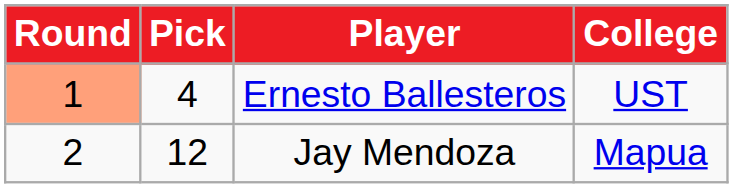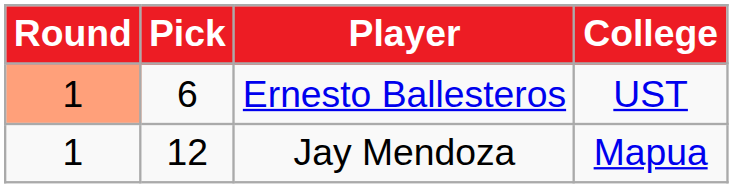 <table class="wikitable sortable sortable">
 <tr>
 <th style="background:#ED1C24; color:#FFFFFF; ">Round</th>
 <th style="background:#ED1C24; color:#FFFFFF; ">Pick</th>
 <th style="background:#ED1C24; color:#FFFFFF; ">Player</th>
 <th style="background:#ED1C24; color:#FFFFFF; ">College</th>
 </tr>
 <tr style="text-align: center">
 <td align="center" style="background: lightsalmon;">1</td>
-<td align="center">4</td>
+<td align="center">6</td>
 <td><a href='#'>Ernesto Ballesteros</a></td>
 <td><a href='#'>UST</a></td>
 </tr>
 <tr style="text-align: center">
-<td align="center">2</td>
+<td align="center">1</td>
 <td align="center">12</td>
 <td>Jay Mendoza</td>
 <td><a href='#'>Mapua</a></td>
 </tr>
 </table>
